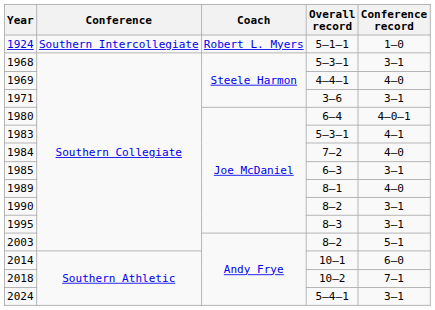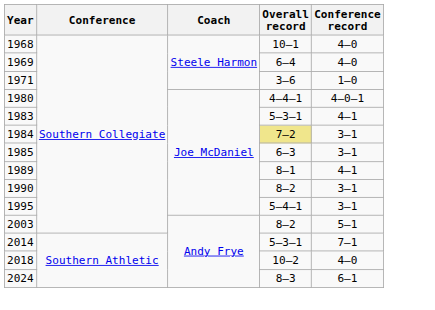 <table class="wikitable" style="text-align:center">
 <tr>
 <th width=px>Year</th>
 <th width=px>Conference</th>
 <th width=px>Coach</th>
 <th width=px>Overall<br>record</th>
 <th width=px>Conference<br>record</th>
 </tr>
 <tr>
-<td><a href='#'>1924</a></td>
-<td><a href='#'>Southern Intercollegiate</a></td>
-<td><a href='#'>Robert L. Myers</a></td>
-<td>5–1–1</td>
-<td>1–0</td>
-</tr>
-<tr>
 <td>1968</td>
 <td rowspan="11"><a href='#'>Southern Collegiate</a></td>
 <td rowspan="3"><a href='#'>Steele Harmon</a></td>
-<td>5–3–1</td>
-<td>3–1</td>
+<td>10–1</td>
+<td>4–0</td>
 </tr>
 <tr>
 <td>1969</td>
-<td>4–4–1</td>
+<td>6–4</td>
 <td>4–0</td>
 </tr>
 <tr>
 <td>1971</td>
 <td>3–6</td>
-<td>3–1</td>
+<td>1–0</td>
 </tr>
 <tr>
 <td>1980</td>
 <td rowspan="7"><a href='#'>Joe McDaniel</a></td>
-<td>6–4</td>
+<td>4–4–1</td>
 <td>4–0–1</td>
 </tr>
 <tr>
 <td>1983</td>
 <td>5–3–1</td>
 <td>4–1</td>
 </tr>
 <tr>
 <td>1984</td>
-<td>7–2</td>
-<td>4–0</td>
+<td style="background: khaki;">7–2</td>
+<td>3–1</td>
 </tr>
 <tr>
 <td>1985</td>
 <td>6–3</td>
 <td>3–1</td>
 </tr>
 <tr>
 <td>1989</td>
 <td>8–1</td>
-<td>4–0</td>
+<td>4–1</td>
 </tr>
 <tr>
 <td>1990</td>
 <td>8–2</td>
 <td>3–1</td>
 </tr>
 <tr>
 <td>1995</td>
-<td>8–3</td>
+<td>5–4–1</td>
 <td>3–1</td>
 </tr>
 <tr>
 <td>2003</td>
 <td rowspan="4"><a href='#'>Andy Frye</a></td>
 <td>8–2</td>
 <td>5–1</td>
 </tr>
 <tr>
 <td>2014</td>
 <td rowspan="3"><a href='#'>Southern Athletic</a></td>
-<td>10–1</td>
-<td>6–0</td>
+<td>5–3–1</td>
+<td>7–1</td>
 </tr>
 <tr>
 <td>2018</td>
 <td>10–2</td>
-<td>7–1</td>
+<td>4–0</td>
 </tr>
 <tr>
 <td>2024</td>
-<td>5–4–1</td>
-<td>3–1</td>
+<td>8–3</td>
+<td>6–1</td>
 </tr>
 </table>
